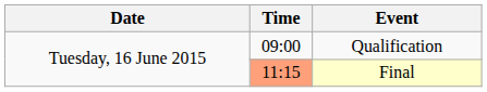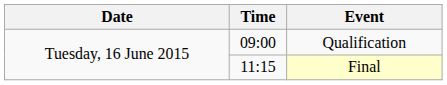 <table class = "wikitable" style="text-align:center;">
 <tr>
 <th width=220>Date</th>
 <th width=50>Time</th>
 <th width=150>Event</th>
 </tr>
 <tr>
 <td rowspan=2>Tuesday, 16 June 2015</td>
 <td>09:00</td>
 <td>Qualification</td>
 </tr>
 <tr>
-<td style="background: lightsalmon;">11:15</td>
+<td>11:15</td>
 <td bgcolor=ffffcc>Final</td>
 </tr>
 </table>
